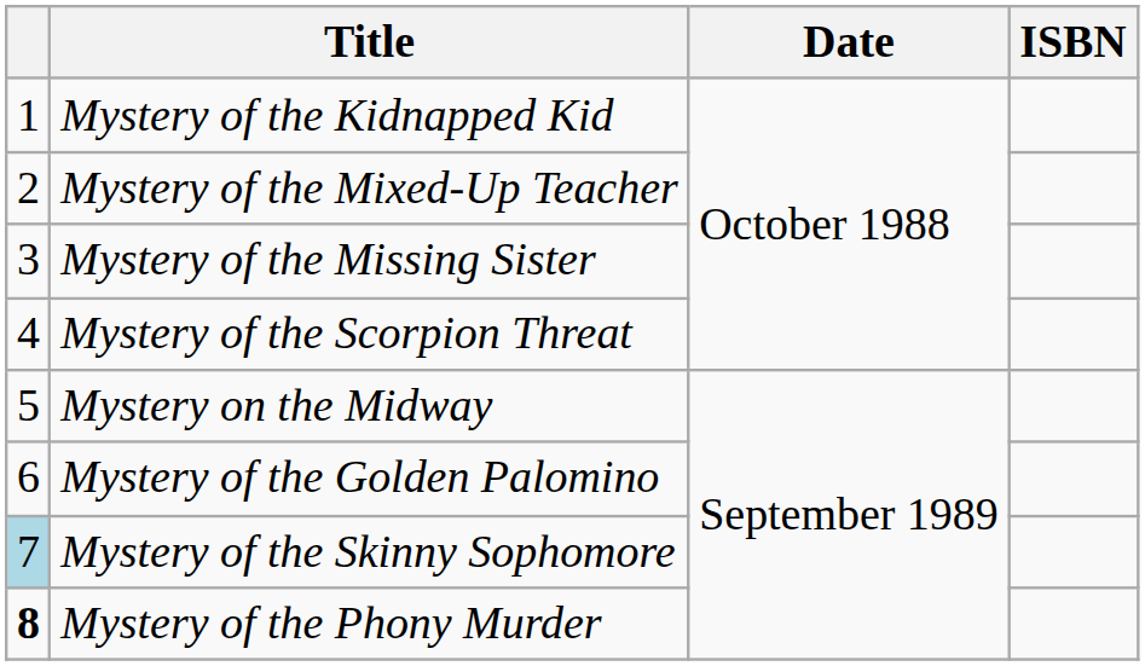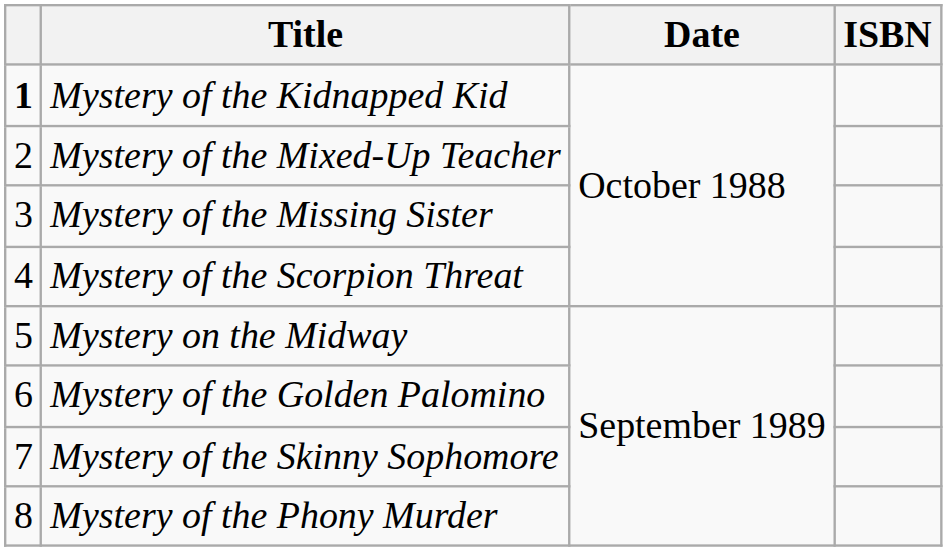 <table class="wikitable">
 <tr>
 <th></th>
 <th>Title</th>
 <th>Date</th>
 <th>ISBN</th>
 </tr>
 <tr>
-<td>1</td>
+<td><strong>1</strong></td>
 <td><em>Mystery of the Kidnapped Kid</em></td>
 <td rowspan="4">October 1988</td>
 <td></td>
 </tr>
 <tr>
 <td>2</td>
 <td><em>Mystery of the Mixed-Up Teacher</em></td>
 <td></td>
 </tr>
 <tr>
 <td>3</td>
 <td><em>Mystery of the Missing Sister</em></td>
 <td></td>
 </tr>
 <tr>
 <td>4</td>
 <td><em>Mystery of the Scorpion Threat</em></td>
 <td></td>
 </tr>
 <tr>
 <td>5</td>
 <td><em>Mystery on the Midway</em></td>
 <td rowspan="4">September 1989</td>
 <td></td>
 </tr>
 <tr>
 <td>6</td>
 <td><em>Mystery of the Golden Palomino</em></td>
 <td></td>
 </tr>
 <tr>
-<td style="background: lightblue;">7</td>
+<td>7</td>
 <td><em>Mystery of the Skinny Sophomore</em></td>
 <td></td>
 </tr>
 <tr>
-<td><strong>8</strong></td>
+<td>8</td>
 <td><em>Mystery of the Phony Murder</em></td>
 <td></td>
 </tr>
 </table>
